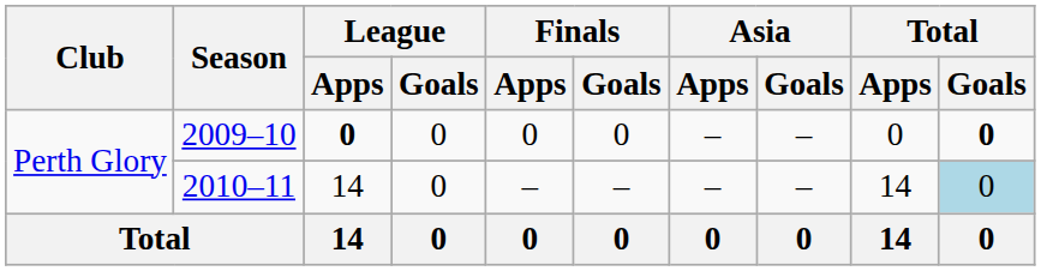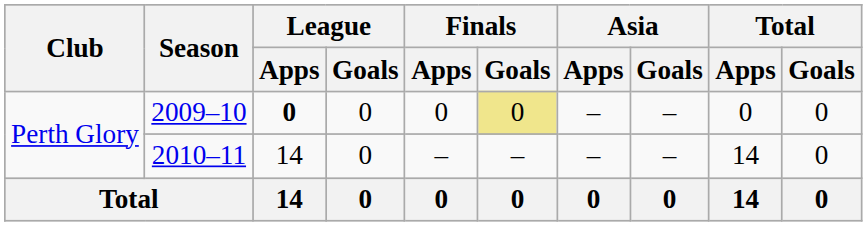 <table class="wikitable" style="text-align: center;">
 <tr>
 <th rowspan="2">Club</th>
 <th rowspan="2">Season</th>
 <th colspan="2">League</th>
 <th colspan="2">Finals</th>
 <th colspan="2">Asia</th>
 <th colspan="2">Total</th>
 </tr>
 <tr>
 <th>Apps</th>
 <th>Goals</th>
 <th>Apps</th>
 <th>Goals</th>
 <th>Apps</th>
 <th>Goals</th>
 <th>Apps</th>
 <th>Goals</th>
 </tr>
 <tr>
 <td rowspan="2" valign="center"><a href='#'>Perth Glory</a></td>
 <td><a href='#'>2009–10</a></td>
 <td><strong>0</strong></td>
 <td>0</td>
 <td>0</td>
-<td>0</td>
+<td style="background: khaki;">0</td>
 <td>–</td>
 <td>–</td>
 <td>0</td>
-<td><strong>0</strong></td>
+<td>0</td>
 </tr>
 <tr>
 <td><a href='#'>2010–11</a></td>
 <td>14</td>
 <td>0</td>
 <td>–</td>
 <td>–</td>
 <td>–</td>
 <td>–</td>
 <td>14</td>
-<td style="background: lightblue;">0</td>
+<td>0</td>
 </tr>
 <tr>
 <th colspan="2">Total</th>
 <th>14</th>
 <th>0</th>
 <th>0</th>
 <th>0</th>
 <th>0</th>
 <th>0</th>
 <th>14</th>
 <th>0</th>
 </tr>
 </table>
